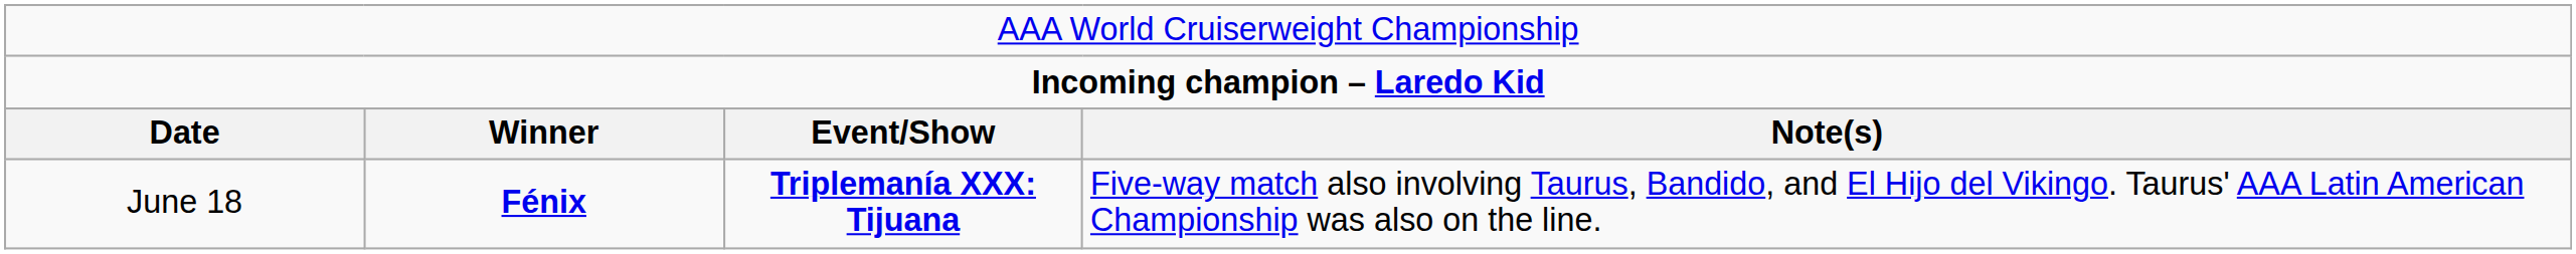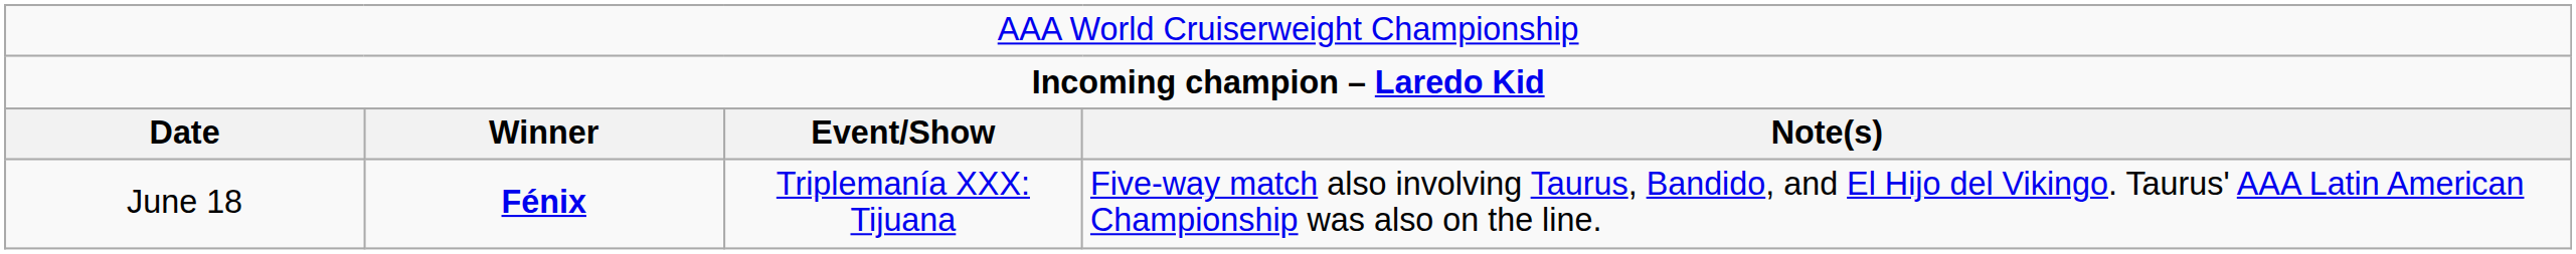 <table class="wikitable" style="text-align:center; width:100%;">
 <tr>
 <td colspan="4" style="text-align: center;"><a href='#'>AAA World Cruiserweight Championship</a></td>
 </tr>
 <tr>
 <td colspan="4" style="text-align: center;"><strong>Incoming champion – <a href='#'>Laredo Kid</a></strong></td>
 </tr>
 <tr>
 <th width=14%>Date</th>
 <th width=14%>Winner</th>
 <th width=14%>Event/Show</th>
 <th width=58%>Note(s)</th>
 </tr>
 <tr>
 <td>June 18</td>
 <td><strong><a href='#'>Fénix</a></strong></td>
-<td><strong><a href='#'>Triplemanía XXX: Tijuana</a></strong></td>
+<td><a href='#'>Triplemanía XXX: Tijuana</a></td>
 <td align=left><a href='#'>Five-way match</a> also involving <a href='#'>Taurus</a>, <a href='#'>Bandido</a>, and <a href='#'>El Hijo del Vikingo</a>. Taurus' <a href='#'>AAA Latin American Championship</a> was also on the line.</td>
 </tr>
 </table>
